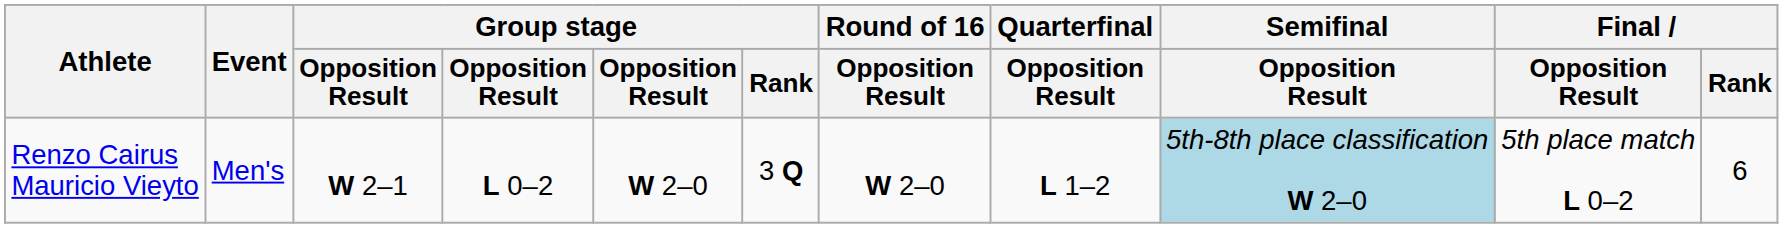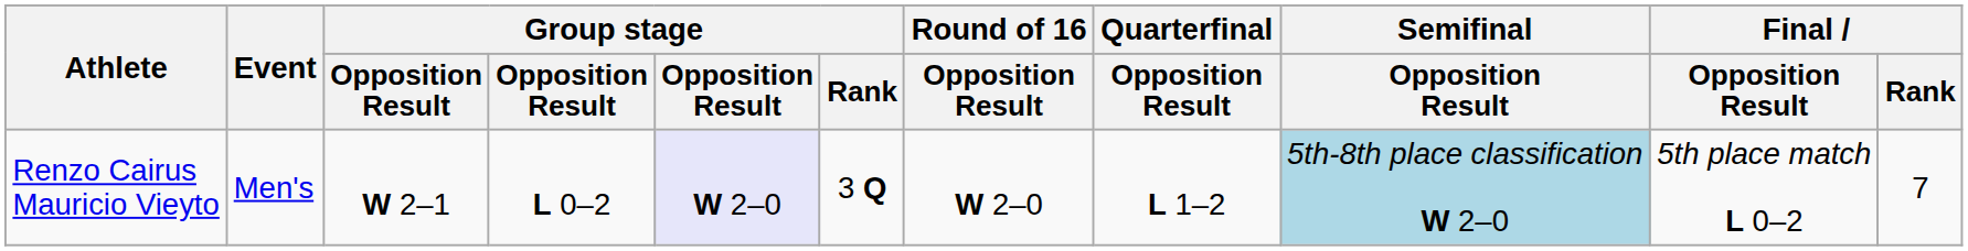 <table class="wikitable" style="font-size:90%;text-align:center">
 <tr>
 <th rowspan=2>Athlete</th>
 <th rowspan=2>Event</th>
 <th colspan=4>Group stage</th>
 <th>Round of 16</th>
 <th>Quarterfinal</th>
 <th>Semifinal</th>
 <th colspan=2>Final / </th>
 </tr>
 <tr style=font-size:95%>
 <th>Opposition<br>Result</th>
 <th>Opposition<br>Result</th>
 <th>Opposition<br>Result</th>
 <th>Rank</th>
 <th>Opposition<br>Result</th>
 <th>Opposition<br>Result</th>
 <th>Opposition<br>Result</th>
 <th>Opposition<br>Result</th>
 <th>Rank</th>
 </tr>
 <tr>
 <td align=left><a href='#'>Renzo Cairus</a> <br> <a href='#'>Mauricio Vieyto</a></td>
 <td style="text-align:left"><a href='#'>Men's</a></td>
 <td><br><strong>W</strong> 2–1</td>
 <td><br><strong>L</strong> 0–2</td>
-<td><br><strong>W</strong> 2–0</td>
+<td style="background: lavender;"><br><strong>W</strong> 2–0</td>
 <td>3 <strong>Q</strong></td>
 <td><br><strong>W</strong> 2–0</td>
 <td><br><strong>L</strong> 1–2</td>
 <td style="background: lightblue;"><em>5th-8th place classification</em><br><br><strong>W</strong> 2–0</td>
 <td><em>5th place match</em><br><br><strong>L</strong> 0–2</td>
-<td>6</td>
+<td>7</td>
 </tr>
 </table>
